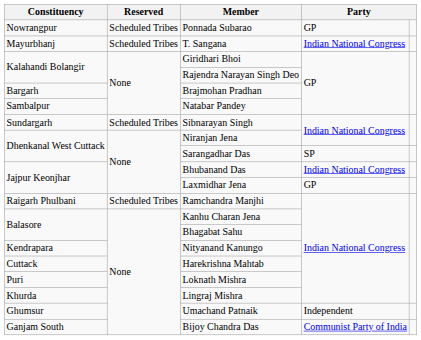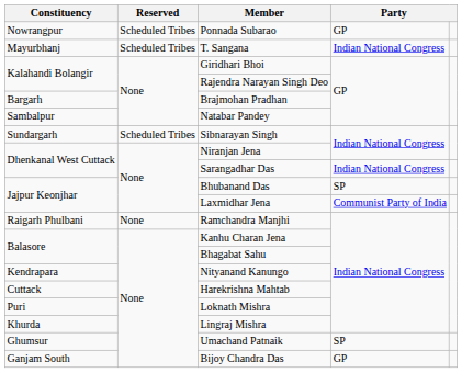 <table class="wikitable sortable">
 <tr>
 <th>Constituency</th>
 <th>Reserved</th>
 <th>Member</th>
 <th colspan=3>Party</th>
 </tr>
 <tr>
 <td>Nowrangpur</td>
 <td>Scheduled Tribes</td>
 <td>Ponnada Subarao</td>
 <td>GP</td>
 <td></td>
 </tr>
 <tr>
 <td>Mayurbhanj</td>
 <td>Scheduled Tribes</td>
 <td>T. Sangana</td>
 <td><a href='#'>Indian National Congress</a></td>
 <td style="background-color: "></td>
 </tr>
 <tr>
 <td rowspan=2>Kalahandi Bolangir</td>
 <td rowspan=4>None</td>
 <td>Giridhari Bhoi</td>
 <td rowspan=4>GP</td>
 <td rowspan=4></td>
 </tr>
 <tr>
 <td>Rajendra Narayan Singh Deo</td>
 </tr>
 <tr>
 <td>Bargarh</td>
 <td>Brajmohan Pradhan</td>
 </tr>
 <tr>
 <td>Sambalpur</td>
 <td>Natabar Pandey</td>
 </tr>
 <tr>
 <td>Sundargarh</td>
 <td>Scheduled Tribes</td>
 <td>Sibnarayan Singh</td>
 <td rowspan=2><a href='#'>Indian National Congress</a></td>
 <td rowspan=2 width="4px" style="background-color: "></td>
 </tr>
 <tr>
 <td rowspan=2>Dhenkanal West Cuttack</td>
 <td rowspan=4>None</td>
 <td>Niranjan Jena</td>
 </tr>
 <tr>
 <td>Sarangadhar Das</td>
-<td>SP</td>
+<td><a href='#'>Indian National Congress</a></td>
 <td></td>
 </tr>
 <tr>
 <td rowspan=2>Jajpur Keonjhar</td>
 <td>Bhubanand Das</td>
-<td><a href='#'>Indian National Congress</a></td>
+<td>SP</td>
 <td style="background-color: "></td>
 </tr>
 <tr>
 <td>Laxmidhar Jena</td>
-<td>GP</td>
+<td><a href='#'>Communist Party of India</a></td>
 <td></td>
 </tr>
 <tr>
 <td>Raigarh Phulbani</td>
-<td>Scheduled Tribes</td>
+<td>None</td>
 <td>Ramchandra Manjhi</td>
 <td rowspan=7><a href='#'>Indian National Congress</a></td>
 <td rowspan=7 width="4px" style="background-color: "></td>
 </tr>
 <tr>
 <td rowspan=2>Balasore</td>
 <td rowspan=8>None</td>
 <td>Kanhu Charan Jena</td>
 </tr>
 <tr>
 <td>Bhagabat Sahu</td>
 </tr>
 <tr>
 <td>Kendrapara</td>
 <td>Nityanand Kanungo</td>
 </tr>
 <tr>
 <td>Cuttack</td>
 <td>Harekrishna Mahtab</td>
 </tr>
 <tr>
 <td>Puri</td>
 <td>Loknath Mishra</td>
 </tr>
 <tr>
 <td>Khurda</td>
 <td>Lingraj Mishra</td>
 </tr>
 <tr>
 <td>Ghumsur</td>
 <td>Umachand Patnaik</td>
-<td>Independent</td>
+<td>SP</td>
 <td></td>
 </tr>
 <tr>
 <td>Ganjam South</td>
 <td>Bijoy Chandra Das</td>
-<td><a href='#'>Communist Party of India</a></td>
+<td>GP</td>
 <td width="4px" style="background-color: "></td>
 </tr>
 </table>
